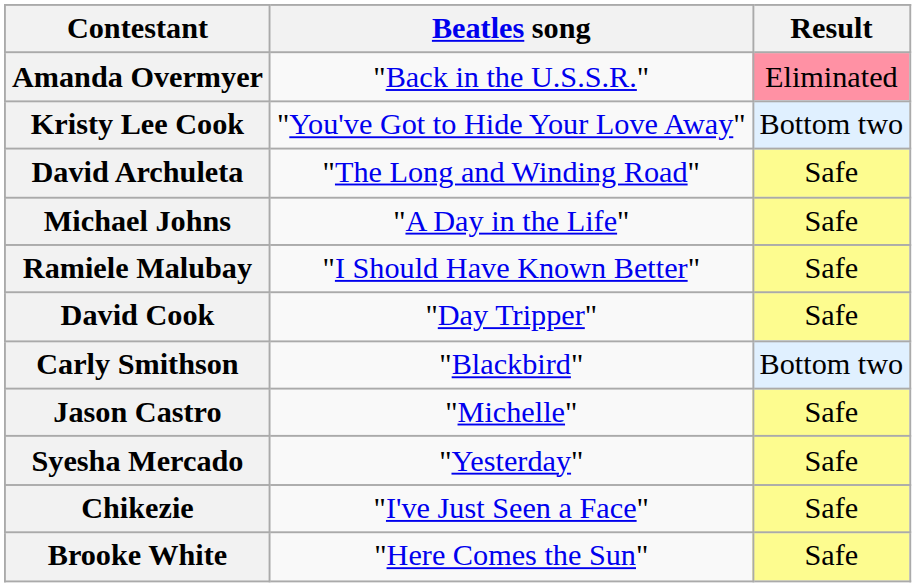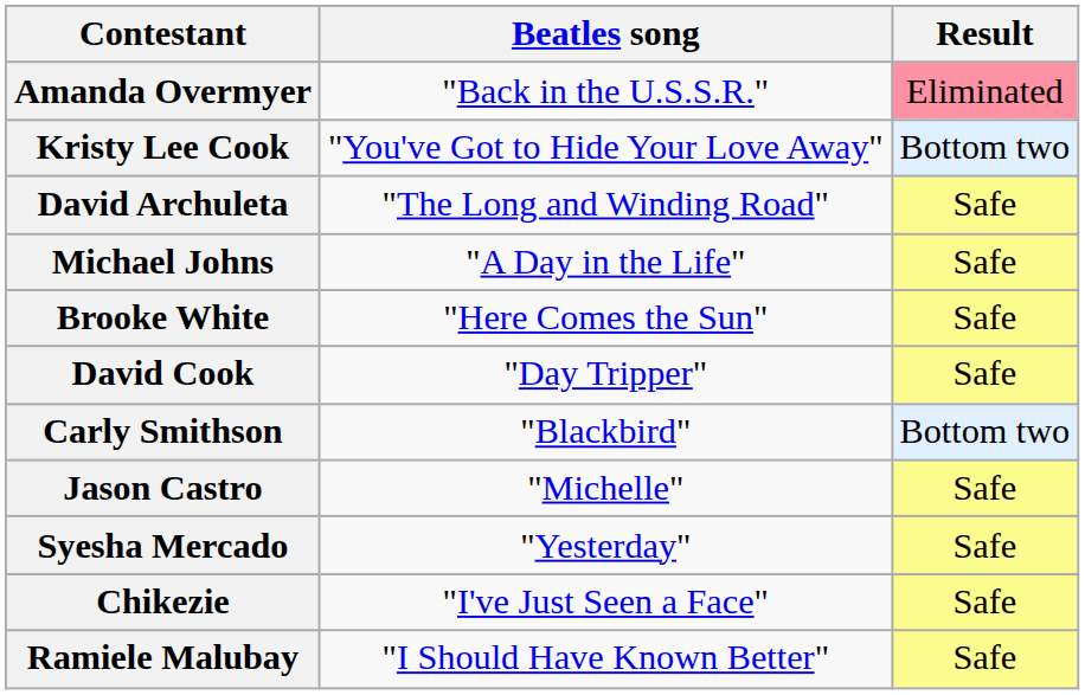 <table class="wikitable unsortable" style="text-align:center;">
 <tr>
 <th scope="col">Contestant</th>
 <th scope="col"><a href='#'>Beatles</a> song</th>
 <th scope="col">Result</th>
 </tr>
 <tr>
 <th scope="row">Amanda Overmyer</th>
 <td>"<a href='#'>Back in the U.S.S.R.</a>"</td>
 <td bgcolor="FF91A4">Eliminated</td>
 </tr>
 <tr>
 <th scope="row">Kristy Lee Cook</th>
 <td>"<a href='#'>You've Got to Hide Your Love Away</a>"</td>
 <td bgcolor="E0F0FF">Bottom two</td>
 </tr>
 <tr>
 <th scope="row">David Archuleta</th>
 <td>"<a href='#'>The Long and Winding Road</a>"</td>
 <td style="background:#FDFC8F">Safe</td>
 </tr>
 <tr>
 <th scope="row">Michael Johns</th>
 <td>"<a href='#'>A Day in the Life</a>"</td>
 <td style="background:#FDFC8F">Safe</td>
 </tr>
 <tr>
-<th scope="row">Ramiele Malubay</th>
-<td>"<a href='#'>I Should Have Known Better</a>"</td>
+<th scope="row">Brooke White</th>
+<td>"<a href='#'>Here Comes the Sun</a>"</td>
 <td style="background:#FDFC8F">Safe</td>
 </tr>
 <tr>
 <th scope="row">David Cook</th>
 <td>"<a href='#'>Day Tripper</a>"</td>
 <td style="background:#FDFC8F">Safe</td>
 </tr>
 <tr>
 <th scope="row">Carly Smithson</th>
 <td>"<a href='#'>Blackbird</a>"</td>
 <td bgcolor="E0F0FF">Bottom two</td>
 </tr>
 <tr>
 <th scope="row">Jason Castro</th>
 <td>"<a href='#'>Michelle</a>"</td>
 <td style="background:#FDFC8F">Safe</td>
 </tr>
 <tr>
 <th scope="row">Syesha Mercado</th>
 <td>"<a href='#'>Yesterday</a>"</td>
 <td style="background:#FDFC8F">Safe</td>
 </tr>
 <tr>
 <th scope="row">Chikezie</th>
 <td>"<a href='#'>I've Just Seen a Face</a>"</td>
 <td style="background:#FDFC8F">Safe</td>
 </tr>
 <tr>
-<th scope="row">Brooke White</th>
-<td>"<a href='#'>Here Comes the Sun</a>"</td>
+<th scope="row">Ramiele Malubay</th>
+<td>"<a href='#'>I Should Have Known Better</a>"</td>
 <td style="background:#FDFC8F">Safe</td>
 </tr>
 </table>
